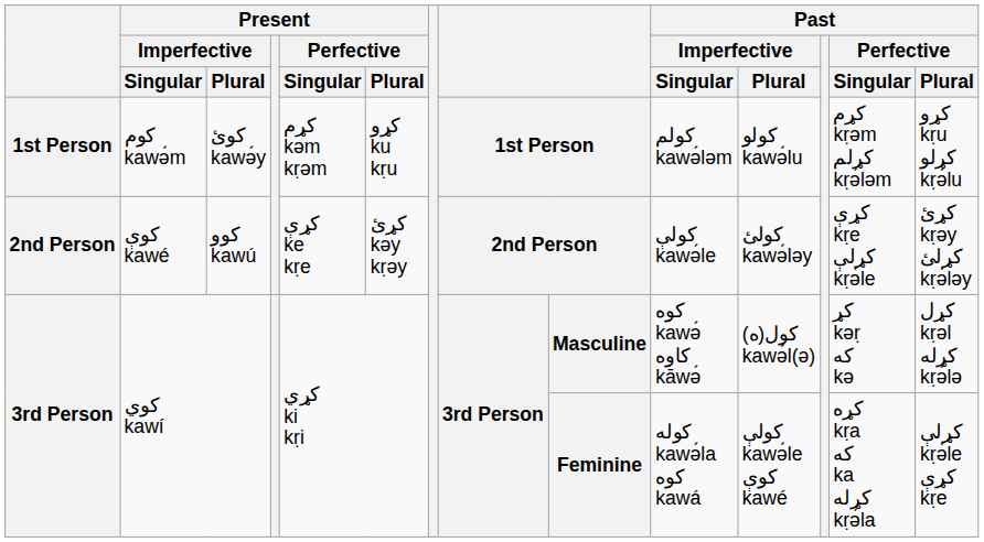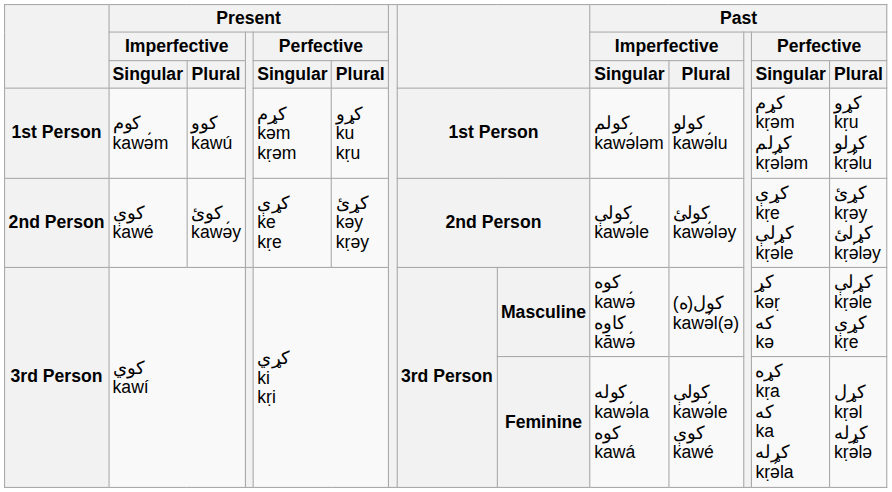 <table class="wikitable">
 <tr>
 <th rowspan="3"></th>
 <th colspan="5">Present</th>
 <th rowspan="7"></th>
 <th colspan="2" rowspan="3"></th>
 <th colspan="5">Past</th>
 </tr>
 <tr>
 <th colspan="2">Imperfective</th>
 <th rowspan="4"></th>
 <th colspan="2">Perfective</th>
 <th colspan="2">Imperfective</th>
 <th rowspan="6"></th>
 <th colspan="2">Perfective</th>
 </tr>
 <tr>
 <th>Singular</th>
 <th>Plural</th>
 <th>Singular</th>
 <th>Plural</th>
 <th>Singular</th>
 <th>Plural</th>
 <th>Singular</th>
 <th>Plural</th>
 </tr>
 <tr>
 <th>1st Person</th>
 <td>کوم<br>kawə́m</td>
-<td>کوئ<br>kawə́y</td>
+<td>کوو<br>kawú</td>
 <td>کړم<br>kəm<br>kṛəm</td>
 <td>کړو<br>ku<br>kṛu</td>
 <th colspan="2">1st Person</th>
 <td>کولم<br>kawə́ləm</td>
 <td>کولو<br>kawə́lu</td>
 <td>کړم<br>kṛəm<br>کړلم<br>kṛə́ləm</td>
 <td>کړو<br>kṛu<br>کړلو<br>kṛə́lu</td>
 </tr>
 <tr>
 <th>2nd Person</th>
 <td>کوې<br>kawé</td>
-<td>کوو<br>kawú</td>
+<td>کوئ<br>kawə́y</td>
 <td>کړې<br>ke<br>kṛe</td>
 <td>کړئ<br>kəy<br>kṛəy</td>
 <th colspan="2">2nd Person</th>
 <td>کولې<br>kawə́le</td>
 <td>کولئ<br>kawə́ləy</td>
 <td>کړې<br>kṛe<br>کړلې<br>kṛə́le</td>
 <td>کړئ<br>kṛəy<br>کړلئ<br>kṛə́ləy</td>
 </tr>
 <tr>
 <th rowspan="2">3rd Person</th>
 <td colspan="2" rowspan="2">کوي<br>kawí</td>
 <th rowspan="2"></th>
 <td colspan="2" rowspan="2">کړي<br>ki<br>kṛi</td>
 <th rowspan="2">3rd Person</th>
 <th>Masculine</th>
 <td>کوه<br>kawə́<br>کاوه<br>kāwə́</td>
 <td>(کول(ه<br>kawə́l(ə)</td>
 <td>کړ<br>kəṛ<br>که<br>kə</td>
-<td>کړل<br>kṛəl<br>کړله<br>kṛə́lə</td>
+<td>کړلې<br>kṛə́le<br>کړې<br>kṛe</td>
 </tr>
 <tr>
 <th>Feminine</th>
 <td>کوله<br>kawə́la<br>کوه<br>kawá</td>
 <td>کولې<br>kawə́le<br>کوې<br>kawé</td>
 <td>کړه<br>kṛa<br>که<br>ka<br>کړله<br>kṛə́la</td>
-<td>کړلې<br>kṛə́le<br>کړې<br>kṛe</td>
+<td>کړل<br>kṛəl<br>کړله<br>kṛə́lə</td>
 </tr>
 </table>
